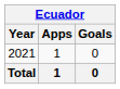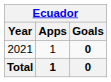 <table class="wikitable" style="text-align:center">
 <tr>
 <th colspan=3><a href='#'>Ecuador</a></th>
 </tr>
 <tr>
 <th>Year</th>
 <th>Apps</th>
 <th>Goals</th>
 </tr>
 <tr>
 <td>2021</td>
 <td>1</td>
-<td>0</td>
+<td><strong>0</strong></td>
 </tr>
 <tr>
 <th>Total</th>
 <th>1</th>
 <th>0</th>
 </tr>
 </table>
